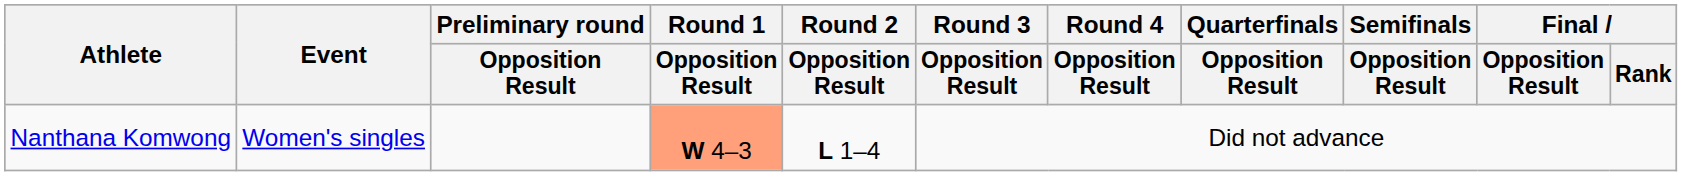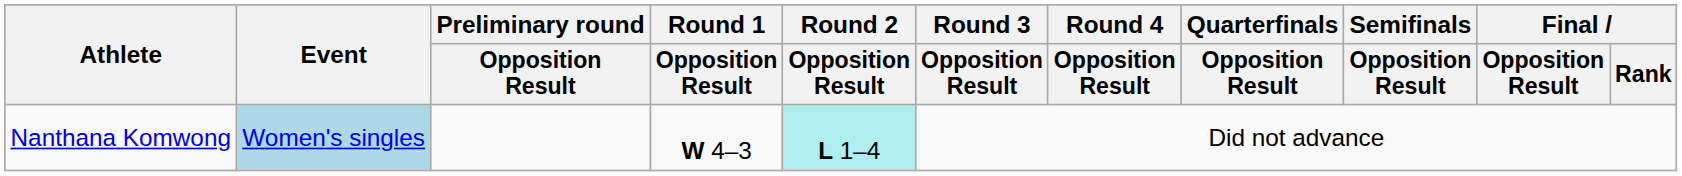 <table class="wikitable" style="font-size:90%">
 <tr>
 <th rowspan="2">Athlete</th>
 <th rowspan="2">Event</th>
 <th>Preliminary round</th>
 <th>Round 1</th>
 <th>Round 2</th>
 <th>Round 3</th>
 <th>Round 4</th>
 <th>Quarterfinals</th>
 <th>Semifinals</th>
 <th colspan=2>Final / </th>
 </tr>
 <tr style="font-size:95%">
 <th>Opposition<br>Result</th>
 <th>Opposition<br>Result</th>
 <th>Opposition<br>Result</th>
 <th>Opposition<br>Result</th>
 <th>Opposition<br>Result</th>
 <th>Opposition<br>Result</th>
 <th>Opposition<br>Result</th>
 <th>Opposition<br>Result</th>
 <th>Rank</th>
 </tr>
 <tr align=center>
 <td align=left><a href='#'>Nanthana Komwong</a></td>
-<td align=left><a href='#'>Women's singles</a></td>
+<td align=left style="background: lightblue;"><a href='#'>Women's singles</a></td>
 <td></td>
-<td style="background: lightsalmon;"><br><strong>W</strong> 4–3</td>
-<td><br><strong>L</strong> 1–4</td>
+<td><br><strong>W</strong> 4–3</td>
+<td style="background: paleturquoise;"><br><strong>L</strong> 1–4</td>
 <td colspan=6>Did not advance</td>
 </tr>
 </table>
